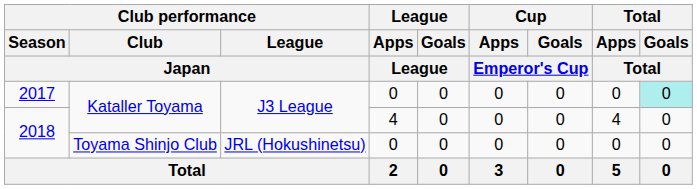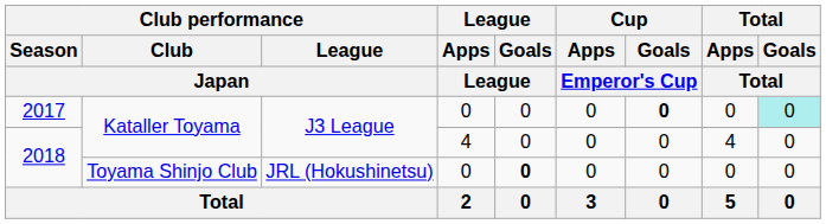 <table class="wikitable" style="text-align:center;">
 <tr>
 <th colspan=3>Club performance</th>
 <th colspan=2>League</th>
 <th colspan=2>Cup</th>
 <th colspan=2>Total</th>
 </tr>
 <tr>
 <th>Season</th>
 <th>Club</th>
 <th>League</th>
 <th>Apps</th>
 <th>Goals</th>
 <th>Apps</th>
 <th>Goals</th>
 <th>Apps</th>
 <th>Goals</th>
 </tr>
 <tr>
 <th colspan=3>Japan</th>
 <th colspan=2>League</th>
 <th colspan=2><a href='#'>Emperor's Cup</a></th>
 <th colspan=2>Total</th>
 </tr>
 <tr>
 <td><a href='#'>2017</a></td>
 <td rowspan="2"><a href='#'>Kataller Toyama</a></td>
 <td rowspan="2"><a href='#'>J3 League</a></td>
 <td>0</td>
 <td>0</td>
 <td>0</td>
-<td>0</td>
+<td><strong>0</strong></td>
 <td>0</td>
 <td style="background: paleturquoise;">0</td>
 </tr>
 <tr>
 <td rowspan="2"><a href='#'>2018</a></td>
 <td>4</td>
 <td>0</td>
 <td>0</td>
 <td>0</td>
 <td>4</td>
 <td>0</td>
 </tr>
 <tr>
 <td><a href='#'>Toyama Shinjo Club</a></td>
 <td><a href='#'>JRL (Hokushinetsu)</a></td>
 <td>0</td>
-<td>0</td>
+<td><strong>0</strong></td>
 <td>0</td>
 <td>0</td>
 <td>0</td>
 <td>0</td>
 </tr>
 <tr>
 <th colspan=3>Total</th>
 <th>2</th>
 <th>0</th>
 <th>3</th>
 <th>0</th>
 <th>5</th>
 <th>0</th>
 </tr>
 </table>
